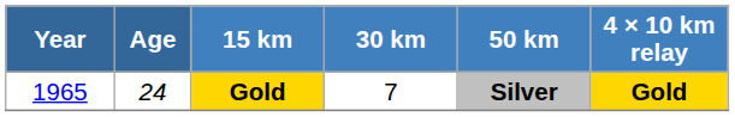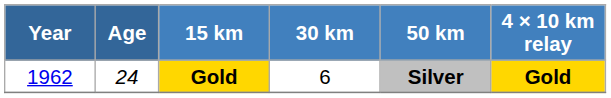 <table class="wikitable" style="font-size:95%; text-align:center; border:grey solid 1px; border-collapse:collapse; background:#ffffff;">
 <tr>
 <th style="background-color:#369; color:white; width:60px;"> Year </th>
 <th style="background-color:#369; color:white; width:40px;"> Age </th>
 <th style="background-color:#4180be; color:white; width:75px;"> 15 km </th>
 <th style="background-color:#4180be; color:white; width:75px;"> 30 km </th>
 <th style="background-color:#4180be; color:white; width:75px;"> 50 km </th>
 <th style="background-color:#4180be; color:white; width:75px;"> 4 × 10 km <br> relay </th>
 </tr>
 <tr>
-<td><a href='#'>1965</a></td>
+<td><a href='#'>1962</a></td>
 <td><em>24</em></td>
 <td style="background:gold;"><strong>Gold</strong></td>
-<td>7</td>
+<td>6</td>
 <td style="background:silver;"><strong>Silver</strong></td>
 <td style="background:gold;"><strong>Gold</strong></td>
 </tr>
 <tr>
 </tr>
 </table>
